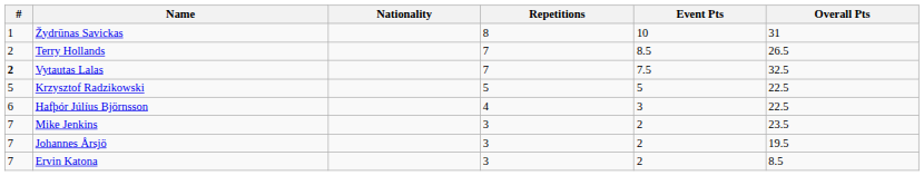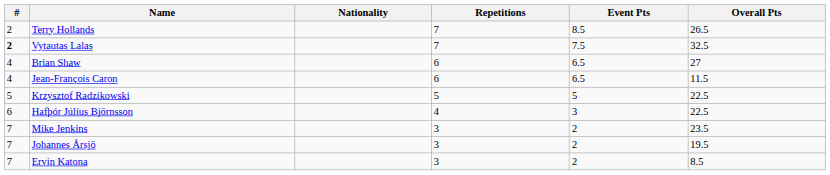 <table class="wikitable sortable" style="display: inline-table; width: 100%;">
 <tr>
 <th>#</th>
 <th>Name</th>
 <th>Nationality</th>
 <th>Repetitions</th>
 <th>Event Pts</th>
 <th>Overall Pts</th>
-</tr>
-<tr>
-<td>1</td>
-<td><a href='#'>Žydrūnas Savickas</a></td>
-<td></td>
-<td>8</td>
-<td>10</td>
-<td>31</td>
 </tr>
 <tr>
 <td>2</td>
 <td><a href='#'>Terry Hollands</a></td>
 <td></td>
 <td>7</td>
 <td>8.5</td>
 <td>26.5</td>
 </tr>
 <tr>
 <td><strong>2</strong></td>
 <td><a href='#'>Vytautas Lalas</a></td>
 <td></td>
 <td>7</td>
 <td>7.5</td>
 <td>32.5</td>
+</tr>
+<tr>
+<td>4</td>
+<td><a href='#'>Brian Shaw</a></td>
+<td></td>
+<td>6</td>
+<td>6.5</td>
+<td>27</td>
+</tr>
+<tr>
+<td>4</td>
+<td><a href='#'>Jean-François Caron</a></td>
+<td></td>
+<td>6</td>
+<td>6.5</td>
+<td>11.5</td>
 </tr>
 <tr>
 <td>5</td>
 <td><a href='#'>Krzysztof Radzikowski</a></td>
 <td></td>
 <td>5</td>
 <td>5</td>
 <td>22.5</td>
 </tr>
 <tr>
 <td>6</td>
 <td><a href='#'>Hafþór Júlíus Björnsson</a></td>
 <td></td>
 <td>4</td>
 <td>3</td>
 <td>22.5</td>
 </tr>
 <tr>
 <td>7</td>
 <td><a href='#'>Mike Jenkins</a></td>
 <td></td>
 <td>3</td>
 <td>2</td>
 <td>23.5</td>
 </tr>
 <tr>
 <td>7</td>
 <td><a href='#'>Johannes Årsjö</a></td>
 <td></td>
 <td>3</td>
 <td>2</td>
 <td>19.5</td>
 </tr>
 <tr>
 <td>7</td>
 <td><a href='#'>Ervin Katona</a></td>
 <td></td>
 <td>3</td>
 <td>2</td>
 <td>8.5</td>
 </tr>
 </table>
